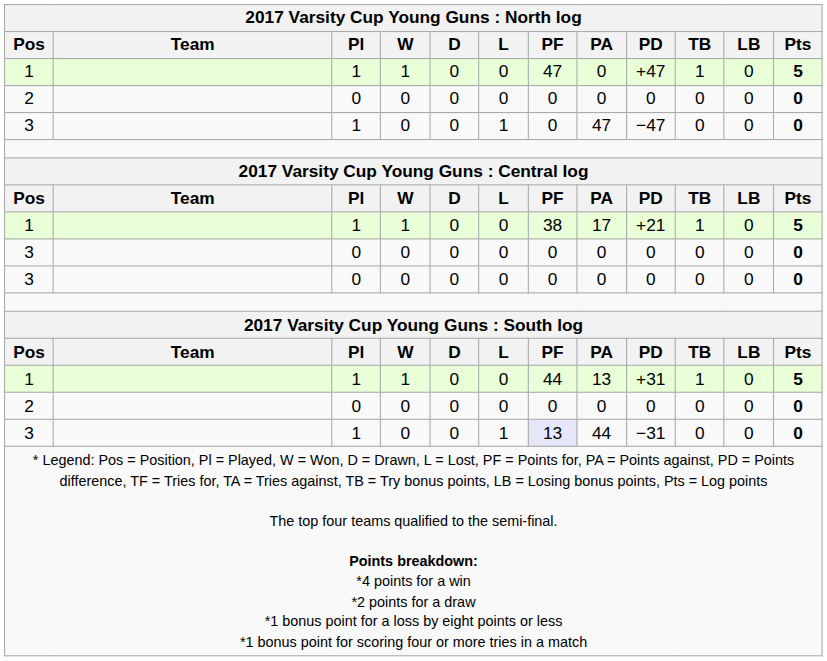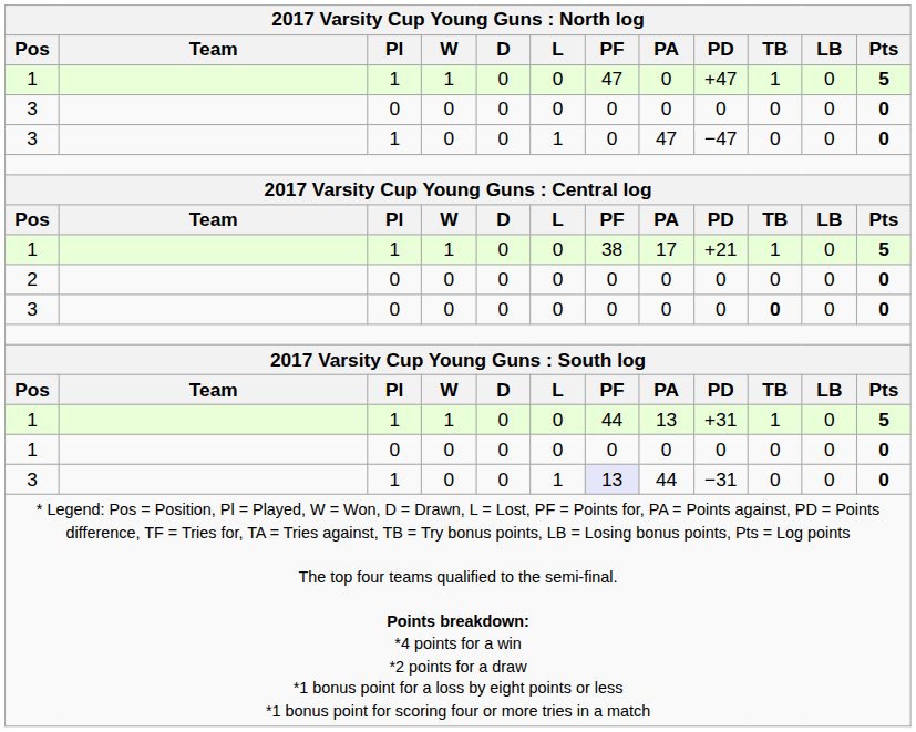 <table class="wikitable" style="text-align:center; line-height:110%; font-size:100%; width:60%;">
 <tr>
 <th colspan="100%" cellpadding="0" cellspacing="0"><strong>2017 Varsity Cup Young Guns : North log</strong></th>
 </tr>
 <tr>
 <th style="width:6%;">Pos</th>
 <th style="width:34%;">Team</th>
 <th style="width:6%;">Pl</th>
 <th style="width:6%;">W</th>
 <th style="width:6%;">D</th>
 <th style="width:6%;">L</th>
 <th style="width:6%;">PF</th>
 <th style="width:6%;">PA</th>
 <th style="width:6%;">PD</th>
 <th style="width:6%;">TB</th>
 <th style="width:6%;">LB</th>
 <th style="width:6%;">Pts<br></th>
 </tr>
 <tr bgcolor=#E8FFD8>
 <td>1</td>
 <td align=left></td>
 <td>1</td>
 <td>1</td>
 <td>0</td>
 <td>0</td>
 <td>47</td>
 <td>0</td>
 <td>+47</td>
 <td>1</td>
 <td>0</td>
 <td><strong>5</strong></td>
 </tr>
 <tr>
-<td>2</td>
+<td>3</td>
 <td align=left></td>
 <td>0</td>
 <td>0</td>
 <td>0</td>
 <td>0</td>
 <td>0</td>
 <td>0</td>
 <td>0</td>
 <td>0</td>
 <td>0</td>
 <td><strong>0</strong></td>
 </tr>
 <tr>
 <td>3</td>
 <td align=left></td>
 <td>1</td>
 <td>0</td>
 <td>0</td>
 <td>1</td>
 <td>0</td>
 <td>47</td>
 <td>−47</td>
 <td>0</td>
 <td>0</td>
 <td><strong>0</strong></td>
 </tr>
 <tr>
 <td colspan="100%" cellpadding="0" cellspacing="0" height="10px"></td>
 </tr>
 <tr>
 <th colspan="100%" cellpadding="0" cellspacing="0"><strong>2017 Varsity Cup Young Guns : Central log</strong></th>
 </tr>
 <tr>
 <th style="width:6%;">Pos</th>
 <th style="width:34%;">Team</th>
 <th style="width:6%;">Pl</th>
 <th style="width:6%;">W</th>
 <th style="width:6%;">D</th>
 <th style="width:6%;">L</th>
 <th style="width:6%;">PF</th>
 <th style="width:6%;">PA</th>
 <th style="width:6%;">PD</th>
 <th style="width:6%;">TB</th>
 <th style="width:6%;">LB</th>
 <th style="width:6%;">Pts<br></th>
 </tr>
 <tr bgcolor=#E8FFD8>
 <td>1</td>
 <td align=left></td>
 <td>1</td>
 <td>1</td>
 <td>0</td>
 <td>0</td>
 <td>38</td>
 <td>17</td>
 <td>+21</td>
 <td>1</td>
 <td>0</td>
 <td><strong>5</strong></td>
 </tr>
 <tr>
-<td>3</td>
+<td>2</td>
 <td align=left></td>
 <td>0</td>
 <td>0</td>
 <td>0</td>
 <td>0</td>
 <td>0</td>
 <td>0</td>
 <td>0</td>
 <td>0</td>
 <td>0</td>
 <td><strong>0</strong></td>
 </tr>
 <tr>
 <td>3</td>
 <td align=left></td>
 <td>0</td>
 <td>0</td>
 <td>0</td>
 <td>0</td>
 <td>0</td>
 <td>0</td>
 <td>0</td>
-<td>0</td>
+<td><strong>0</strong></td>
 <td>0</td>
 <td><strong>0</strong></td>
 </tr>
 <tr>
 <td colspan="100%" cellpadding="0" cellspacing="0" height="10px"></td>
 </tr>
 <tr>
 <th colspan="100%" cellpadding="0" cellspacing="0"><strong>2017 Varsity Cup Young Guns : South log</strong></th>
 </tr>
 <tr>
 <th style="width:6%;">Pos</th>
 <th style="width:34%;">Team</th>
 <th style="width:6%;">Pl</th>
 <th style="width:6%;">W</th>
 <th style="width:6%;">D</th>
 <th style="width:6%;">L</th>
 <th style="width:6%;">PF</th>
 <th style="width:6%;">PA</th>
 <th style="width:6%;">PD</th>
 <th style="width:6%;">TB</th>
 <th style="width:6%;">LB</th>
 <th style="width:6%;">Pts<br></th>
 </tr>
 <tr bgcolor=#E8FFD8>
 <td>1</td>
 <td align=left></td>
 <td>1</td>
 <td>1</td>
 <td>0</td>
 <td>0</td>
 <td>44</td>
 <td>13</td>
 <td>+31</td>
 <td>1</td>
 <td>0</td>
 <td><strong>5</strong></td>
 </tr>
 <tr>
-<td>2</td>
+<td>1</td>
 <td align=left></td>
 <td>0</td>
 <td>0</td>
 <td>0</td>
 <td>0</td>
 <td>0</td>
 <td>0</td>
 <td>0</td>
 <td>0</td>
 <td>0</td>
 <td><strong>0</strong></td>
 </tr>
 <tr>
 <td>3</td>
 <td align=left></td>
 <td>1</td>
 <td>0</td>
 <td>0</td>
 <td>1</td>
 <td style="background: lavender;">13</td>
 <td>44</td>
 <td>−31</td>
 <td>0</td>
 <td>0</td>
 <td><strong>0</strong></td>
 </tr>
 <tr>
 <td colspan="100%" style="border:0px"><small>* Legend: Pos = Position, Pl = Played, W = Won, D = Drawn, L = Lost, PF = Points for, PA = Points against, PD = Points difference, TF = Tries for, TA = Tries against, TB = Try bonus points, LB = Losing bonus points, Pts = Log points<br><br>The top four teams qualified to the semi-final.<br><br><strong>Points breakdown:</strong><br>*4 points for a win<br>*2 points for a draw<br>*1 bonus point for a loss by eight points or less<br>*1 bonus point for scoring four or more tries in a match</small></td>
 </tr>
 </table>
